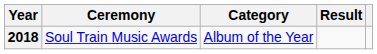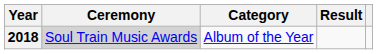 <table class="wikitable sortable plainrowheaders" style="border:none; margin:0;">
 <tr>
 <th scope="col">Year</th>
 <th scope="col">Ceremony</th>
 <th scope="col">Category</th>
 <th scope="col">Result</th>
 <th scope="col" class="unsortable"></th>
 </tr>
 <tr>
 <th scope="row" rowspan="1">2018</th>
-<td><a href='#'>Soul Train Music Awards</a></td>
+<td style="background: lightgrey;"><a href='#'>Soul Train Music Awards</a></td>
 <td><a href='#'>Album of the Year</a></td>
 <td></td>
 <td style="text-align:center;"></td>
 </tr>
 <tr>
 </tr>
 </table>
